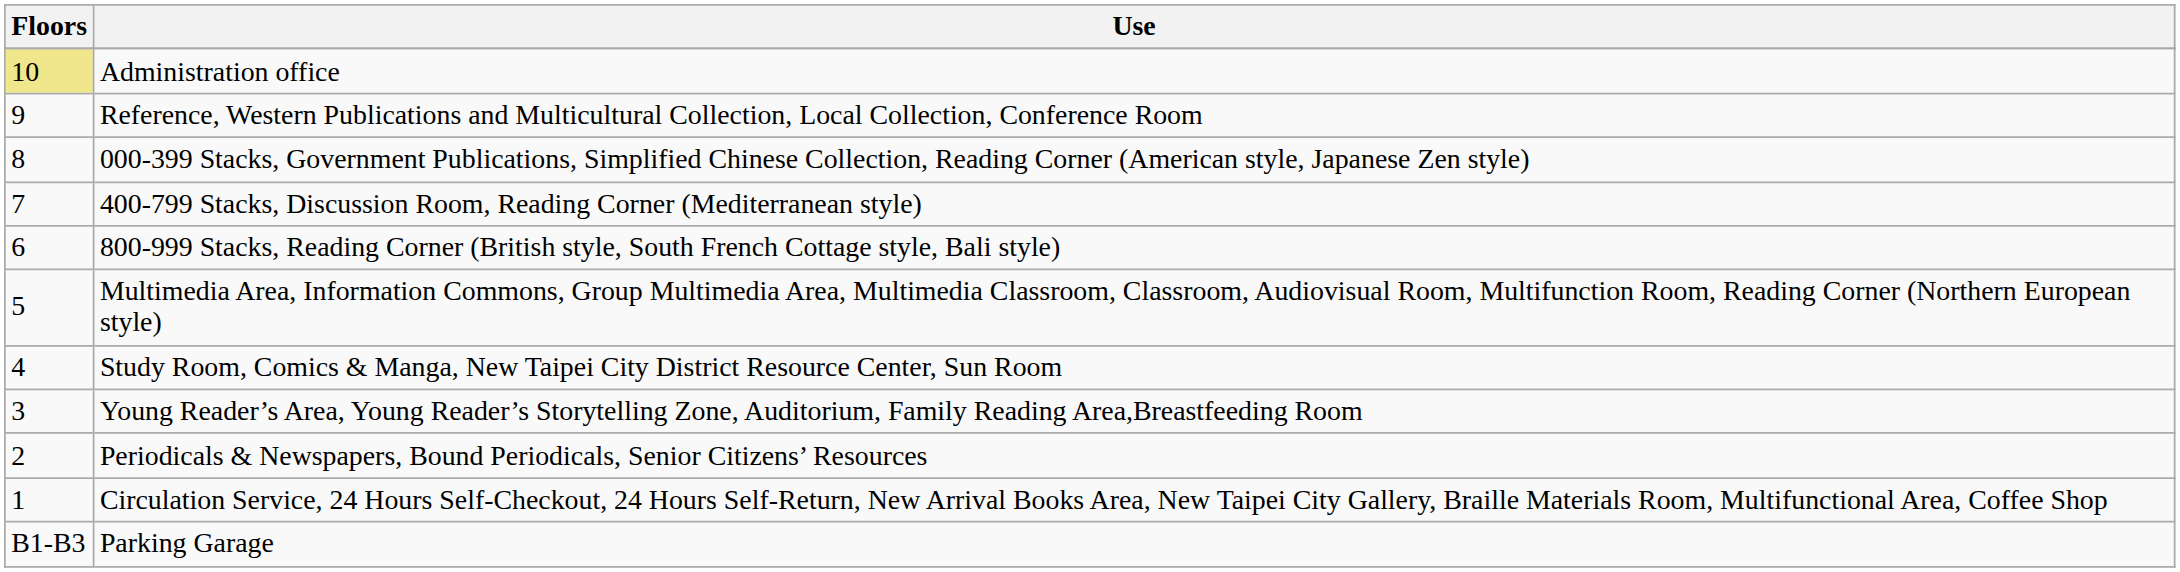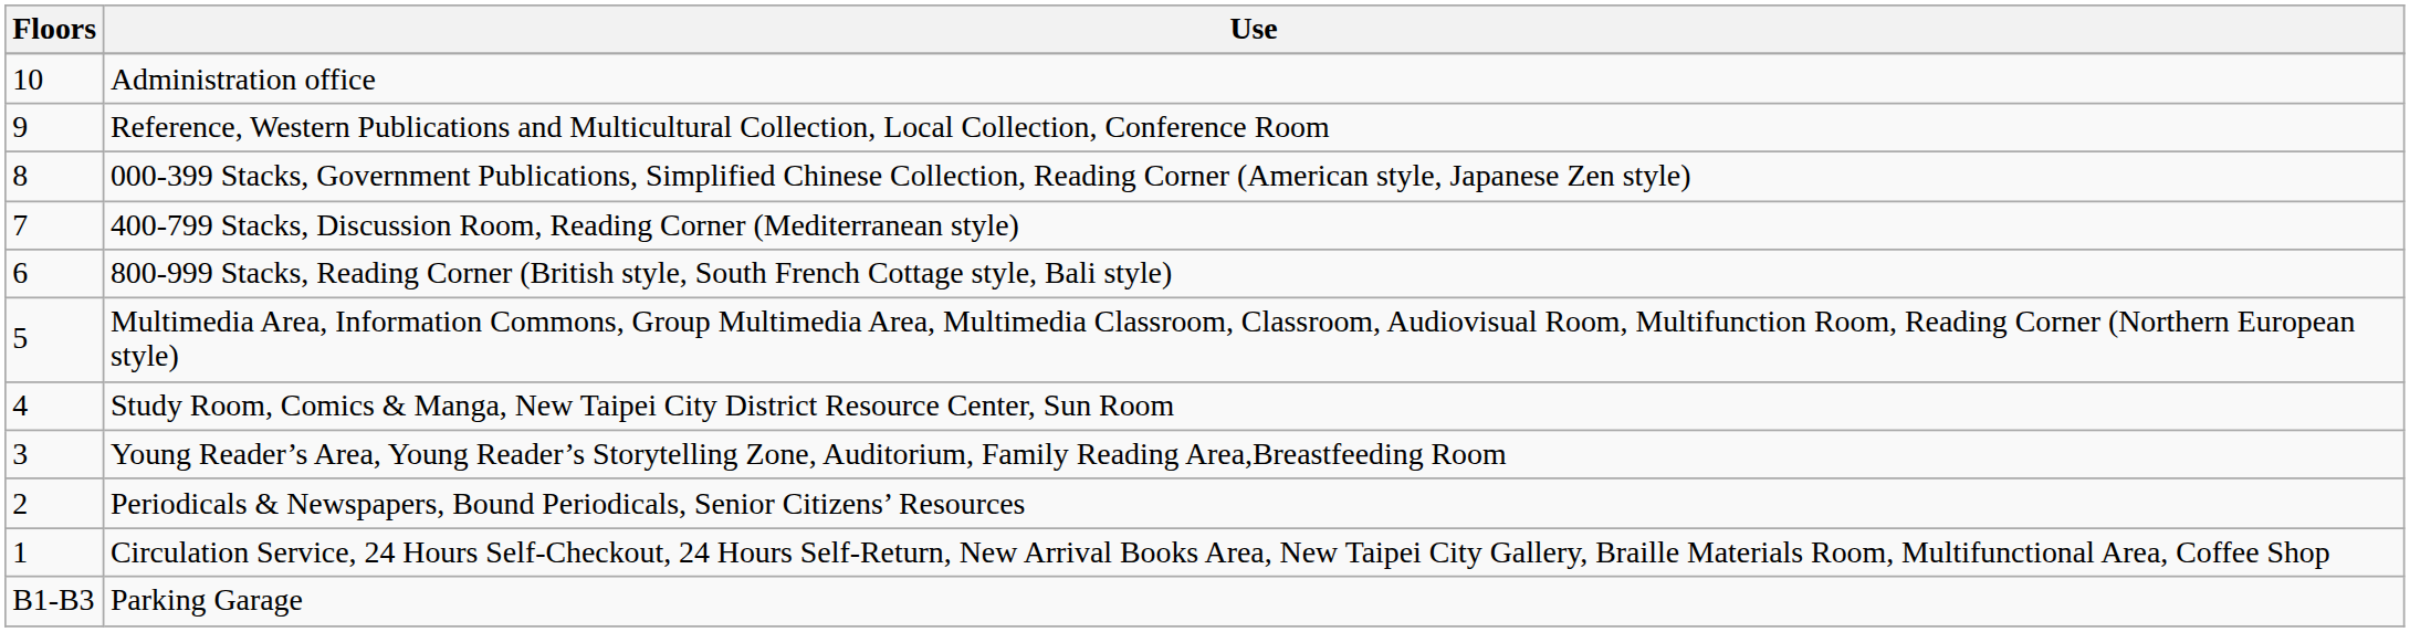 <table class="wikitable">
 <tr>
 <th>Floors</th>
 <th>Use</th>
 </tr>
 <tr align=center bgcolor=>
 </tr>
 <tr>
-<td style="background: khaki;">10</td>
+<td>10</td>
 <td>Administration office</td>
 </tr>
 <tr>
 <td>9</td>
 <td>Reference, Western Publications and Multicultural Collection, Local Collection, Conference Room</td>
 </tr>
 <tr>
 <td>8</td>
 <td>000-399 Stacks, Government Publications, Simplified Chinese Collection, Reading Corner (American style, Japanese Zen style)</td>
 </tr>
 <tr>
 <td>7</td>
 <td>400-799 Stacks, Discussion Room, Reading Corner (Mediterranean style)</td>
 </tr>
 <tr>
 <td>6</td>
 <td>800-999 Stacks, Reading Corner (British style, South French Cottage style, Bali style)</td>
 </tr>
 <tr>
 <td>5</td>
 <td>Multimedia Area, Information Commons, Group Multimedia Area, Multimedia Classroom, Classroom, Audiovisual Room, Multifunction Room, Reading Corner (Northern European style)</td>
 </tr>
 <tr>
 <td>4</td>
 <td>Study Room, Comics & Manga, New Taipei City District Resource Center, Sun Room</td>
 </tr>
 <tr>
 <td>3</td>
 <td>Young Reader’s Area, Young Reader’s Storytelling Zone, Auditorium, Family Reading Area,Breastfeeding Room</td>
 </tr>
 <tr>
 <td>2</td>
 <td>Periodicals & Newspapers, Bound Periodicals, Senior Citizens’ Resources</td>
 </tr>
 <tr>
 <td>1</td>
 <td>Circulation Service, 24 Hours Self-Checkout, 24 Hours Self-Return, New Arrival Books Area, New Taipei City Gallery, Braille Materials Room, Multifunctional Area, Coffee Shop</td>
 </tr>
 <tr>
 <td>B1-B3</td>
 <td>Parking Garage</td>
 </tr>
 </table>
